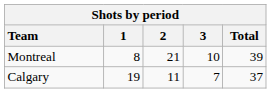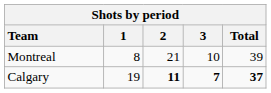 <table class="wikitable" style="width:20em; text-align:right;">
 <tr>
 <th colspan=6>Shots by period</th>
 </tr>
 <tr>
 <th style="width:8em; text-align:left;">Team</th>
 <th style="width:3em;">1</th>
 <th style="width:3em;">2</th>
 <th style="width:3em;">3</th>
 <th style="width:3em;">Total</th>
 </tr>
 <tr>
 <td style="text-align:left;">Montreal</td>
 <td>8</td>
 <td>21</td>
 <td>10</td>
 <td>39</td>
 </tr>
 <tr>
 <td style="text-align:left;">Calgary</td>
 <td>19</td>
-<td>11</td>
-<td>7</td>
-<td>37</td>
+<td><strong>11</strong></td>
+<td><strong>7</strong></td>
+<td><strong>37</strong></td>
 </tr>
 </table>
